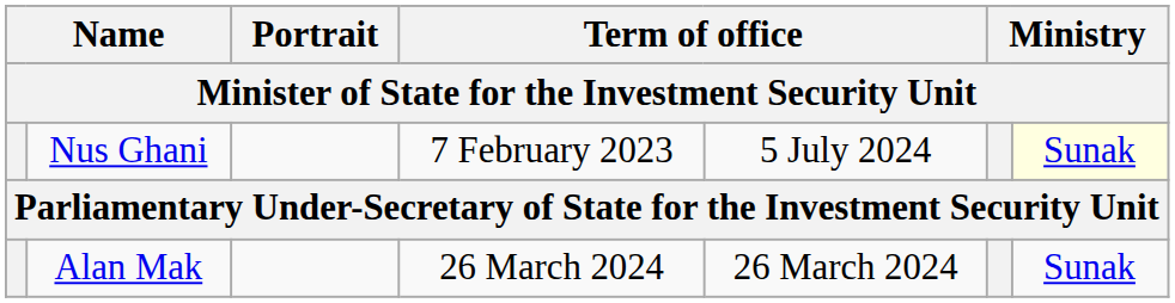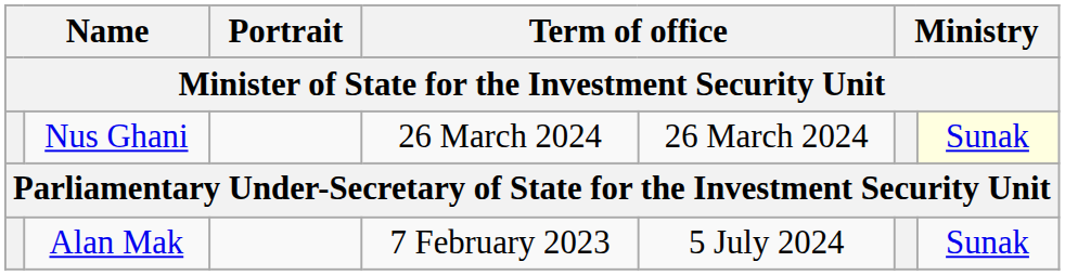 <table class="wikitable" style="text-align:center">
 <tr>
 <th colspan="2">Name</th>
 <th>Portrait</th>
 <th colspan="2">Term of office</th>
 <th colspan="2">Ministry</th>
 </tr>
 <tr>
 <th colspan=8>Minister of State for the Investment Security Unit</th>
 </tr>
 <tr>
 <th style="background-color: "></th>
 <td><a href='#'>Nus Ghani</a></td>
 <td></td>
-<td>7 February 2023</td>
-<td>5 July 2024</td>
+<td>26 March 2024</td>
+<td>26 March 2024</td>
 <th style="background-color: "></th>
 <td style="background: lightyellow;"><a href='#'>Sunak</a></td>
 </tr>
 <tr>
 <th colspan=8>Parliamentary Under-Secretary of State for the Investment Security Unit</th>
 </tr>
 <tr>
 <th style="background-color: "></th>
 <td><a href='#'>Alan Mak</a></td>
 <td></td>
-<td>26 March 2024</td>
-<td>26 March 2024</td>
+<td>7 February 2023</td>
+<td>5 July 2024</td>
 <th style="background-color: "></th>
 <td><a href='#'>Sunak</a></td>
 </tr>
 </table>
